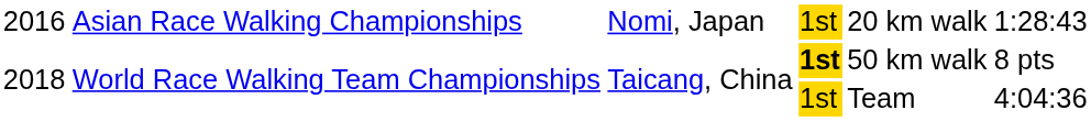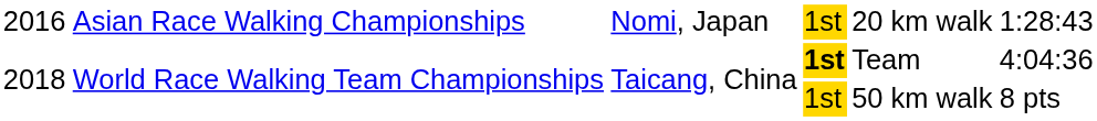 <table>
 <tr>
 <td>2016</td>
 <td><a href='#'>Asian Race Walking Championships</a></td>
 <td><a href='#'>Nomi</a>, Japan</td>
 <td bgcolor=gold>1st</td>
 <td>20 km walk</td>
 <td>1:28:43</td>
 </tr>
 <tr>
 <td rowspan=2>2018</td>
 <td rowspan=2><a href='#'>World Race Walking Team Championships</a></td>
 <td rowspan=2><a href='#'>Taicang</a>, China</td>
 <td bgcolor=gold><strong>1st</strong></td>
+<td>Team</td>
+<td>4:04:36</td>
+</tr>
+<tr>
+<td bgcolor=gold>1st</td>
 <td>50 km walk</td>
 <td>8 pts</td>
 </tr>
-<tr>
-<td bgcolor=gold>1st</td>
-<td>Team</td>
-<td>4:04:36</td>
-</tr>
 </table>
